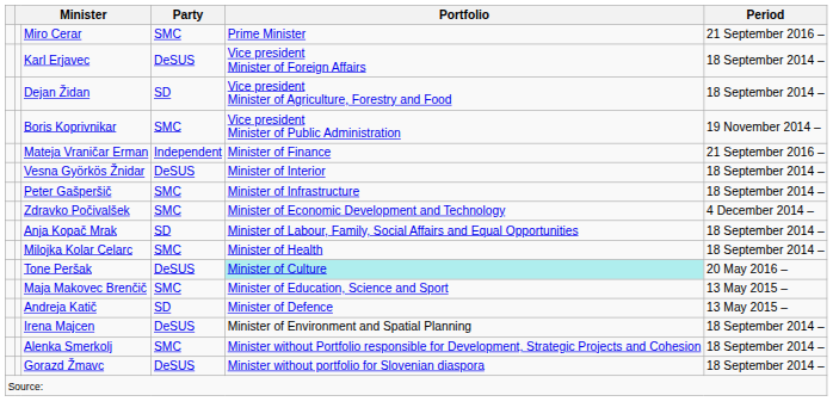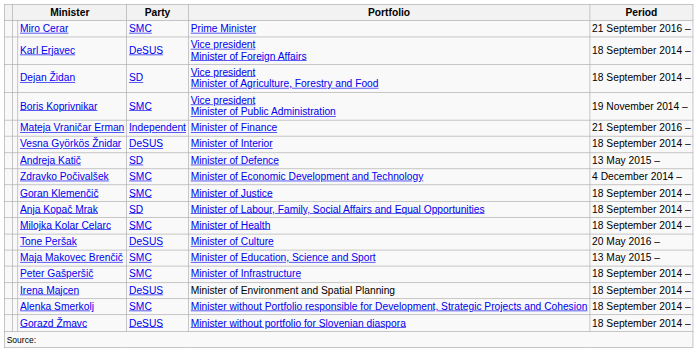 <table class="wikitable">
 <tr>
 <th colspan="1" width=6px></th>
 <th colspan="2">Minister</th>
 <th>Party</th>
 <th>Portfolio</th>
 <th>Period</th>
 </tr>
 <tr>
 <td style="background-color: "></td>
 <td></td>
 <td><a href='#'>Miro Cerar</a></td>
 <td><a href='#'>SMC</a></td>
 <td><a href='#'>Prime Minister</a></td>
 <td>21 September 2016 –</td>
 </tr>
 <tr>
 <td style="background-color: "></td>
 <td></td>
 <td><a href='#'>Karl Erjavec</a></td>
 <td><a href='#'>DeSUS</a></td>
 <td><a href='#'>Vice president</a> <br> <a href='#'>Minister of Foreign Affairs</a></td>
 <td>18 September 2014 –</td>
 </tr>
 <tr>
 <td style="background-color: "></td>
 <td></td>
 <td><a href='#'>Dejan Židan</a></td>
 <td><a href='#'>SD</a></td>
 <td><a href='#'>Vice president</a> <br> <a href='#'>Minister of Agriculture, Forestry and Food</a></td>
 <td>18 September 2014 –</td>
 </tr>
 <tr>
 <td style="background-color: "></td>
 <td></td>
 <td><a href='#'>Boris Koprivnikar</a></td>
 <td><a href='#'>SMC</a></td>
 <td><a href='#'>Vice president</a> <br> <a href='#'>Minister of Public Administration</a></td>
 <td>19 November 2014 –</td>
 </tr>
 <tr>
 <td style="background-color: "></td>
 <td></td>
 <td><a href='#'>Mateja Vraničar Erman</a></td>
 <td><a href='#'>Independent</a></td>
 <td><a href='#'>Minister of Finance</a></td>
 <td>21 September 2016 –</td>
 </tr>
 <tr>
 <td style="background-color: "></td>
 <td></td>
 <td><a href='#'>Vesna Györkös Žnidar</a></td>
 <td><a href='#'>DeSUS</a></td>
 <td><a href='#'>Minister of Interior</a></td>
 <td>18 September 2014 –</td>
 </tr>
 <tr>
 <td style="background-color: "></td>
 <td></td>
-<td><a href='#'>Peter Gašperšič</a></td>
-<td><a href='#'>SMC</a></td>
-<td><a href='#'>Minister of Infrastructure</a></td>
-<td>18 September 2014 –</td>
+<td><a href='#'>Andreja Katič</a></td>
+<td><a href='#'>SD</a></td>
+<td><a href='#'>Minister of Defence</a></td>
+<td>13 May 2015 –</td>
 </tr>
 <tr>
 <td style="background-color: "></td>
 <td></td>
 <td><a href='#'>Zdravko Počivalšek</a></td>
 <td><a href='#'>SMC</a></td>
 <td><a href='#'>Minister of Economic Development and Technology</a></td>
 <td>4 December 2014 –</td>
+</tr>
+<tr>
+<td style="background-color: "></td>
+<td></td>
+<td><a href='#'>Goran Klemenčič</a></td>
+<td><a href='#'>SMC</a></td>
+<td><a href='#'>Minister of Justice</a></td>
+<td>18 September 2014 –</td>
 </tr>
 <tr>
 <td style="background-color: "></td>
 <td></td>
 <td><a href='#'>Anja Kopač Mrak</a></td>
 <td><a href='#'>SD</a></td>
 <td><a href='#'>Minister of Labour, Family, Social Affairs and Equal Opportunities</a></td>
 <td>18 September 2014 –</td>
 </tr>
 <tr>
 <td style="background-color: "></td>
 <td></td>
 <td><a href='#'>Milojka Kolar Celarc</a></td>
 <td><a href='#'>SMC</a></td>
 <td><a href='#'>Minister of Health</a></td>
 <td>18 September 2014 –</td>
 </tr>
 <tr>
 <td style="background-color: "></td>
 <td></td>
 <td><a href='#'>Tone Peršak</a></td>
 <td><a href='#'>DeSUS</a></td>
-<td style="background: paleturquoise;"><a href='#'>Minister of Culture</a></td>
+<td><a href='#'>Minister of Culture</a></td>
 <td>20 May 2016 –</td>
 </tr>
 <tr>
 <td style="background-color: "></td>
 <td></td>
 <td><a href='#'>Maja Makovec Brenčič</a></td>
 <td><a href='#'>SMC</a></td>
 <td><a href='#'>Minister of Education, Science and Sport</a></td>
 <td>13 May 2015 –</td>
 </tr>
 <tr>
 <td style="background-color: "></td>
 <td></td>
-<td><a href='#'>Andreja Katič</a></td>
-<td><a href='#'>SD</a></td>
-<td><a href='#'>Minister of Defence</a></td>
-<td>13 May 2015 –</td>
+<td><a href='#'>Peter Gašperšič</a></td>
+<td><a href='#'>SMC</a></td>
+<td><a href='#'>Minister of Infrastructure</a></td>
+<td>18 September 2014 –</td>
 </tr>
 <tr>
 <td style="background-color: "></td>
 <td></td>
 <td><a href='#'>Irena Majcen</a></td>
 <td><a href='#'>DeSUS</a></td>
 <td>Minister of Environment and Spatial Planning</td>
 <td>18 September 2014 –</td>
 </tr>
 <tr>
 <td style="background-color: "></td>
 <td></td>
 <td><a href='#'>Alenka Smerkolj</a></td>
 <td><a href='#'>SMC</a></td>
 <td><a href='#'>Minister without Portfolio responsible for Development, Strategic Projects and Cohesion</a></td>
 <td>18 September 2014 –</td>
 </tr>
 <tr>
 <td style="background-color: "></td>
 <td></td>
 <td><a href='#'>Gorazd Žmavc</a></td>
 <td><a href='#'>DeSUS</a></td>
 <td><a href='#'>Minister without portfolio for Slovenian diaspora</a></td>
 <td>18 September 2014 –</td>
 </tr>
 <tr>
 <td colspan=6><small>Source: </small></td>
 </tr>
 </table>
